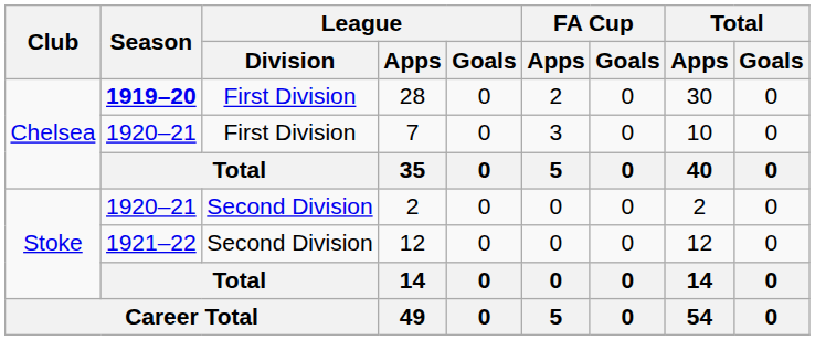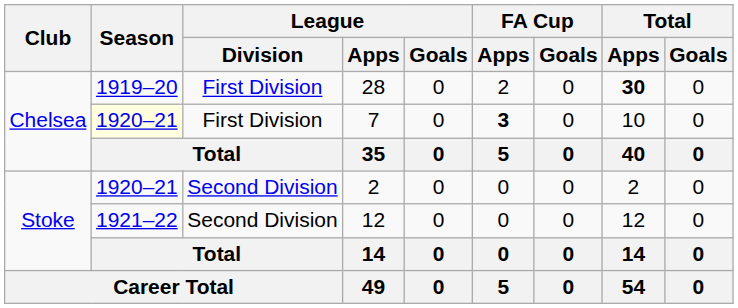 <table class="wikitable" style="text-align: center;">
 <tr>
 <th rowspan="2">Club</th>
 <th rowspan="2">Season</th>
 <th colspan="3">League</th>
 <th colspan="2">FA Cup</th>
 <th colspan="2">Total</th>
 </tr>
 <tr>
 <th>Division</th>
 <th>Apps</th>
 <th>Goals</th>
 <th>Apps</th>
 <th>Goals</th>
 <th>Apps</th>
 <th>Goals</th>
 </tr>
 <tr>
 <td rowspan="3"><a href='#'>Chelsea</a></td>
-<td><strong><a href='#'>1919–20</a></strong></td>
+<td><a href='#'>1919–20</a></td>
 <td><a href='#'>First Division</a></td>
 <td>28</td>
 <td>0</td>
 <td>2</td>
 <td>0</td>
-<td>30</td>
+<td><strong>30</strong></td>
 <td>0</td>
 </tr>
 <tr>
-<td><a href='#'>1920–21</a></td>
+<td style="background: lightyellow;"><a href='#'>1920–21</a></td>
 <td>First Division</td>
 <td>7</td>
 <td>0</td>
-<td>3</td>
+<td><strong>3</strong></td>
 <td>0</td>
 <td>10</td>
 <td>0</td>
 </tr>
 <tr>
 <th colspan=2>Total</th>
 <th>35</th>
 <th>0</th>
 <th>5</th>
 <th>0</th>
 <th>40</th>
 <th>0</th>
 </tr>
 <tr>
 <td rowspan="3"><a href='#'>Stoke</a></td>
 <td><a href='#'>1920–21</a></td>
 <td><a href='#'>Second Division</a></td>
 <td>2</td>
 <td>0</td>
 <td>0</td>
 <td>0</td>
 <td>2</td>
 <td>0</td>
 </tr>
 <tr>
 <td><a href='#'>1921–22</a></td>
 <td>Second Division</td>
 <td>12</td>
 <td>0</td>
 <td>0</td>
 <td>0</td>
 <td>12</td>
 <td>0</td>
 </tr>
 <tr>
 <th colspan=2>Total</th>
 <th>14</th>
 <th>0</th>
 <th>0</th>
 <th>0</th>
 <th>14</th>
 <th>0</th>
 </tr>
 <tr>
 <th colspan="3">Career Total</th>
 <th>49</th>
 <th>0</th>
 <th>5</th>
 <th>0</th>
 <th>54</th>
 <th>0</th>
 </tr>
 </table>
